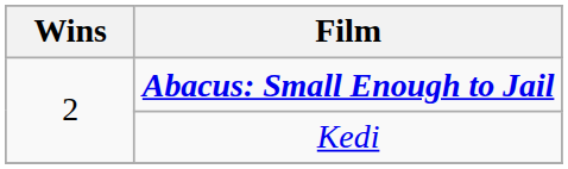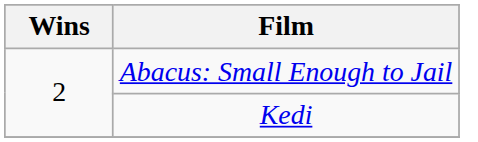 <table class="wikitable" rowspan="2" style="text-align:center;" background: #f6e39c;>
 <tr>
 <th scope="col" style="width:55px;">Wins</th>
 <th scope="col" style="text-align:center;">Film</th>
 </tr>
 <tr>
 <td rowspan=2 style="text-align:center">2</td>
-<td><strong><em><a href='#'>Abacus: Small Enough to Jail</a></em></strong></td>
+<td><em><a href='#'>Abacus: Small Enough to Jail</a></em></td>
 </tr>
 <tr>
 <td><em><a href='#'>Kedi</a></em></td>
 </tr>
 <tr>
 </tr>
 </table>
